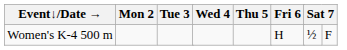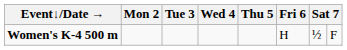 <table class="wikitable olympic-schedule canoeing">
 <tr>
 <th>Event↓/Date →</th>
 <th colspan="2">Mon 2</th>
 <th colspan="2">Tue 3</th>
 <th colspan="2">Wed 4</th>
 <th colspan="2">Thu 5</th>
 <th colspan="2">Fri 6</th>
 <th colspan="2">Sat 7</th>
 </tr>
 <tr>
-<td class="event">Women's K-4 500 m</td>
+<td class="event"><strong>Women's K-4 500 m</strong></td>
 <td colspan="2"></td>
 <td colspan="2"></td>
 <td colspan="2"></td>
 <td colspan="2"></td>
 <td colspan=2 class="heats">H</td>
 <td class="semifinals">½</td>
 <td class="final">F</td>
 </tr>
 </table>
